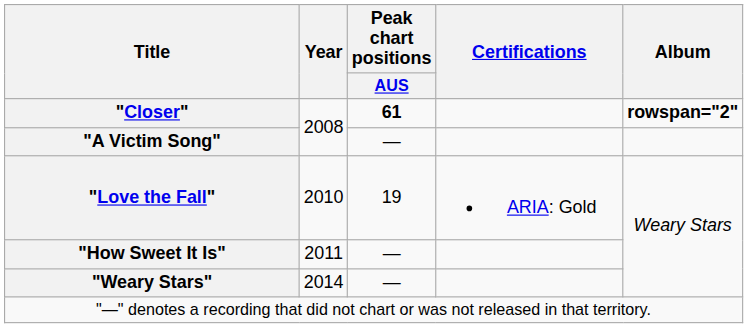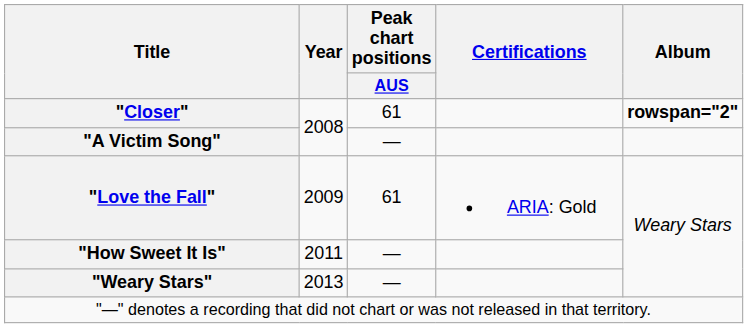 <table class="wikitable plainrowheaders" style="text-align:center;" border="1">
 <tr>
 <th scope="col" rowspan="2" style="width:16em;">Title</th>
 <th scope="col" rowspan="2">Year</th>
 <th scope="col">Peak chart positions</th>
 <th scope="col" rowspan="2" style="width:10em;"><a href='#'>Certifications</a></th>
 <th scope="col" rowspan="2">Album</th>
 </tr>
 <tr>
 <th scope="col" style="width:3em;font-size:90%;"><a href='#'>AUS</a><br></th>
 </tr>
 <tr>
 <th scope="row">"<a href='#'>Closer</a>"</th>
 <td rowspan="2">2008</td>
-<td><strong>61</strong></td>
+<td>61</td>
 <td></td>
 <td><strong>rowspan="2" </strong></td>
 </tr>
 <tr>
 <th scope="row">"A Victim Song"</th>
 <td>—</td>
 <td></td>
 </tr>
 <tr>
 <th scope="row">"<a href='#'>Love the Fall</a>"</th>
-<td>2010</td>
-<td>19</td>
+<td>2009</td>
+<td>61</td>
 <td><br><ul><li><a href='#'>ARIA</a>: Gold</li></ul></td>
 <td rowspan="3"><em>Weary Stars</em></td>
 </tr>
 <tr>
 <th scope="row">"How Sweet It Is"</th>
 <td>2011</td>
 <td>—</td>
 <td></td>
 </tr>
 <tr>
 <th scope="row">"Weary Stars"</th>
-<td>2014</td>
+<td>2013</td>
 <td>—</td>
 <td></td>
 </tr>
 <tr>
 <td colspan="5" style="font-size:90%">"—" denotes a recording that did not chart or was not released in that territory.</td>
 </tr>
 </table>
